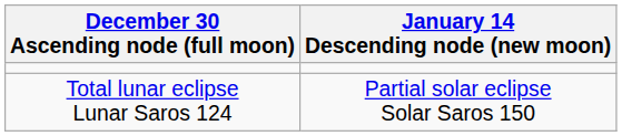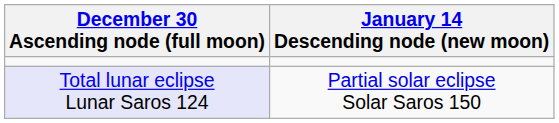 <table class="wikitable">
 <tr>
 <th><a href='#'>December 30</a><br>Ascending node (full moon)</th>
 <th><a href='#'>January 14</a><br>Descending node (new moon)<br></th>
 </tr>
 <tr>
 <td></td>
 <td></td>
 </tr>
 <tr align=center>
-<td><a href='#'>Total lunar eclipse</a><br>Lunar Saros 124</td>
+<td style="background: lavender;"><a href='#'>Total lunar eclipse</a><br>Lunar Saros 124</td>
 <td><a href='#'>Partial solar eclipse</a><br>Solar Saros 150</td>
 </tr>
 </table>
